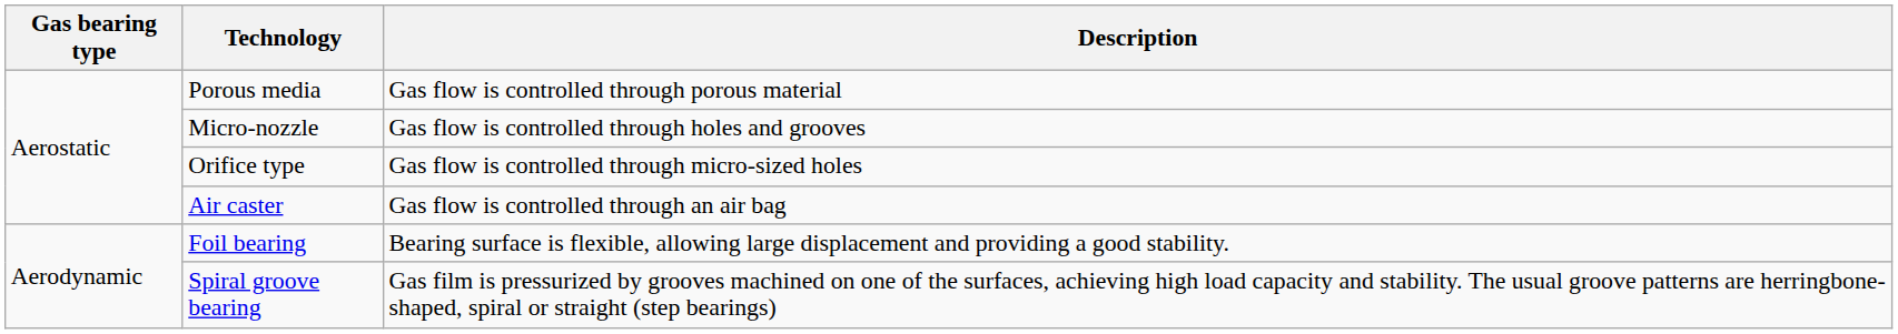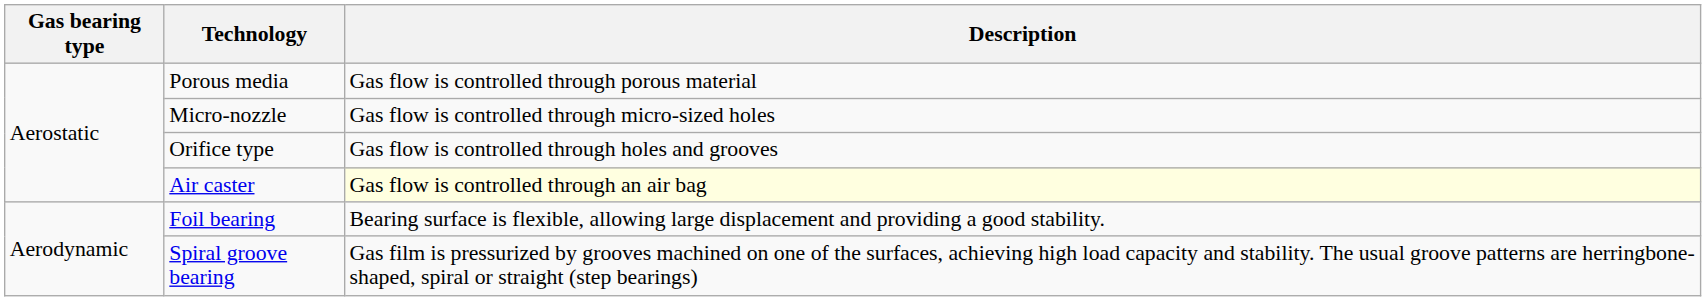 <table class="wikitable">
 <tr>
 <th>Gas bearing type</th>
 <th>Technology</th>
 <th>Description</th>
 </tr>
 <tr>
 <td rowspan="4">Aerostatic</td>
 <td>Porous media</td>
 <td>Gas flow is controlled through porous material</td>
 </tr>
 <tr>
 <td>Micro-nozzle</td>
+<td>Gas flow is controlled through micro-sized holes</td>
+</tr>
+<tr>
+<td>Orifice type</td>
 <td>Gas flow is controlled through holes and grooves</td>
 </tr>
 <tr>
-<td>Orifice type</td>
-<td>Gas flow is controlled through micro-sized holes</td>
-</tr>
-<tr>
 <td><a href='#'>Air caster</a></td>
-<td>Gas flow is controlled through an air bag</td>
+<td style="background: lightyellow;">Gas flow is controlled through an air bag</td>
 </tr>
 <tr>
 <td rowspan="2">Aerodynamic</td>
 <td><a href='#'>Foil bearing</a></td>
 <td>Bearing surface is flexible, allowing large displacement and providing a good stability.</td>
 </tr>
 <tr>
 <td><a href='#'>Spiral groove bearing</a></td>
 <td>Gas film is pressurized by grooves machined on one of the surfaces, achieving high load capacity and stability. The usual groove patterns are herringbone-shaped, spiral or straight (step bearings)</td>
 </tr>
 </table>
